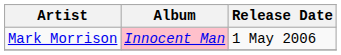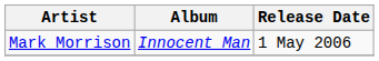 <table class="wikitable sortable">
 <tr>
 <th>Artist</th>
 <th>Album</th>
 <th>Release Date</th>
 </tr>
 <tr>
 <td><a href='#'>Mark Morrison</a></td>
-<td style="background: pink;"><em><a href='#'>Innocent Man</a></em></td>
+<td><em><a href='#'>Innocent Man</a></em></td>
 <td>1 May 2006</td>
 </tr>
 <tr>
 </tr>
 </table>
